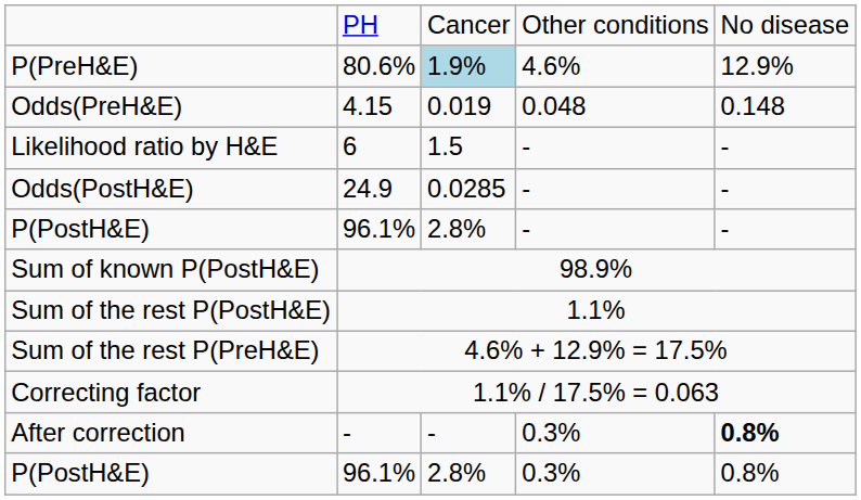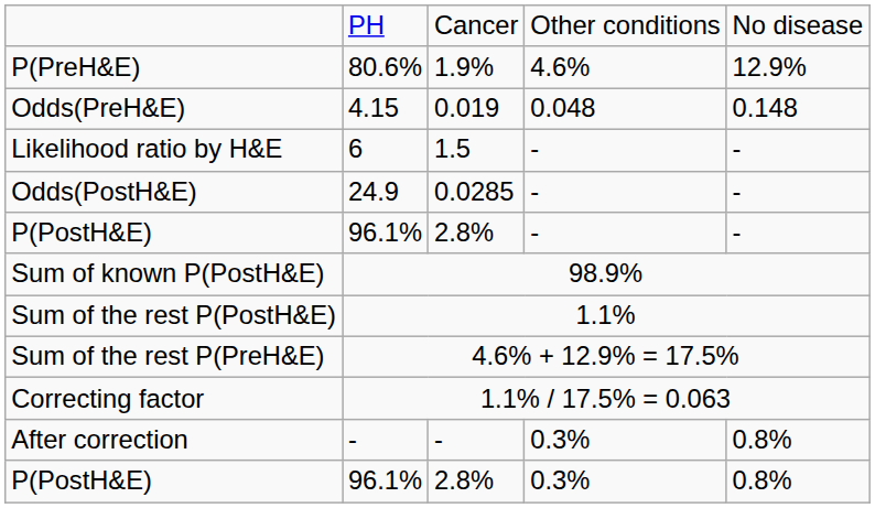 <table class="wikitable">
 <tr>
 <td></td>
 <td><a href='#'>PH</a></td>
 <td>Cancer</td>
 <td>Other conditions</td>
 <td>No disease</td>
 </tr>
 <tr>
 <td>P(PreH&E)</td>
 <td>80.6%</td>
-<td style="background: lightblue;">1.9%</td>
+<td>1.9%</td>
 <td>4.6%</td>
 <td>12.9%</td>
 </tr>
 <tr>
 <td>Odds(PreH&E)</td>
 <td>4.15</td>
 <td>0.019</td>
 <td>0.048</td>
 <td>0.148</td>
 </tr>
 <tr>
 <td>Likelihood ratio by H&E</td>
 <td>6</td>
 <td>1.5</td>
 <td>-</td>
 <td>-</td>
 </tr>
 <tr>
 <td>Odds(PostH&E)</td>
 <td>24.9</td>
 <td>0.0285</td>
 <td>-</td>
 <td>-</td>
 </tr>
 <tr>
 <td>P(PostH&E)</td>
 <td>96.1%</td>
 <td>2.8%</td>
 <td>-</td>
 <td>-</td>
 </tr>
 <tr>
 <td>Sum of known P(PostH&E)</td>
 <td colspan=4 align="center">98.9%</td>
 </tr>
 <tr>
 <td>Sum of the rest P(PostH&E)</td>
 <td colspan=4 align="center">1.1%</td>
 </tr>
 <tr>
 <td>Sum of the rest P(PreH&E)</td>
 <td colspan=4 align="center">4.6% + 12.9% =  17.5%</td>
 </tr>
 <tr>
 <td>Correcting factor</td>
 <td colspan=4 align="center">1.1% / 17.5% = 0.063</td>
 </tr>
 <tr>
 <td>After correction</td>
 <td>-</td>
 <td>-</td>
 <td>0.3%</td>
-<td><strong>0.8%</strong></td>
+<td>0.8%</td>
 </tr>
 <tr>
 <td>P(PostH&E)</td>
 <td>96.1%</td>
 <td>2.8%</td>
 <td>0.3%</td>
 <td>0.8%</td>
 </tr>
 </table>
